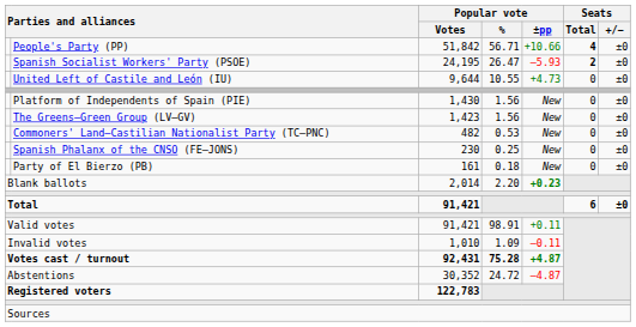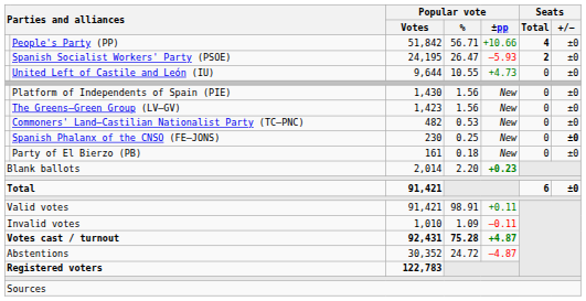 <table class="wikitable" style="text-align:right;">
 <tr>
 <th style="text-align:left;" rowspan="2" colspan="2" width="525">Parties and alliances</th>
 <th colspan="3">Popular vote</th>
 <th colspan="2">Seats</th>
 </tr>
 <tr>
 <th width="75">Votes</th>
 <th width="45">%</th>
 <th width="45">±<a href='#'>pp</a></th>
 <th width="35">Total</th>
 <th width="35">+/−</th>
 </tr>
 <tr>
 <td width="1" style="color:inherit;background:"></td>
 <td align="left"><a href='#'>People's Party</a> (PP)</td>
 <td>51,842</td>
 <td>56.71</td>
 <td style="color:green;">+10.66</td>
 <td><strong>4</strong></td>
 <td>±0</td>
 </tr>
 <tr>
 <td style="color:inherit;background:"></td>
 <td align="left"><a href='#'>Spanish Socialist Workers' Party</a> (PSOE)</td>
 <td>24,195</td>
 <td>26.47</td>
 <td style="color:red;">–5.93</td>
 <td><strong>2</strong></td>
 <td>±0</td>
 </tr>
 <tr>
 <td style="color:inherit;background:"></td>
 <td align="left"><a href='#'>United Left of Castile and León</a> (IU)</td>
 <td>9,644</td>
 <td>10.55</td>
 <td style="color:green;">+4.73</td>
 <td>0</td>
 <td>±0</td>
 </tr>
 <tr>
 <td colspan="7" bgcolor="#C0C0C0"></td>
 </tr>
 <tr>
 <td style="color:inherit;background:"></td>
 <td align="left">Platform of Independents of Spain (PIE)</td>
 <td>1,430</td>
 <td>1.56</td>
 <td><em>New</em></td>
 <td>0</td>
 <td>±0</td>
 </tr>
 <tr>
 <td style="color:inherit;background:"></td>
 <td align="left"><a href='#'>The Greens–Green Group</a> (LV–GV)</td>
 <td>1,423</td>
 <td>1.56</td>
 <td><em>New</em></td>
 <td>0</td>
 <td>±0</td>
 </tr>
 <tr>
 <td style="color:inherit;background:"></td>
 <td align="left"><a href='#'>Commoners' Land–Castilian Nationalist Party</a> (TC–PNC)</td>
 <td>482</td>
 <td>0.53</td>
 <td><em>New</em></td>
 <td>0</td>
 <td>±0</td>
 </tr>
 <tr>
 <td style="color:inherit;background:"></td>
 <td align="left"><a href='#'>Spanish Phalanx of the CNSO</a> (FE–JONS)</td>
 <td>230</td>
 <td>0.25</td>
 <td><em>New</em></td>
 <td>0</td>
-<td>±0</td>
+<td><strong>±0</strong></td>
 </tr>
 <tr>
 <td style="color:inherit;background:"></td>
 <td align="left">Party of El Bierzo (PB)</td>
 <td>161</td>
 <td>0.18</td>
 <td><em>New</em></td>
 <td>0</td>
 <td>±0</td>
 </tr>
 <tr>
 <td align="left" colspan="2">Blank ballots</td>
 <td>2,014</td>
 <td>2.20</td>
 <td style="color:green;"><strong>+0.23</strong></td>
 <td bgcolor="#E9E9E9" colspan="2"></td>
 </tr>
 <tr>
 <td colspan="7" bgcolor="#E9E9E9"></td>
 </tr>
 <tr style="font-weight:bold;">
 <td align="left" colspan="2">Total</td>
 <td>91,421</td>
 <td bgcolor="#E9E9E9" colspan="2"></td>
 <td>6</td>
 <td>±0</td>
 </tr>
 <tr>
 <td colspan="7" bgcolor="#E9E9E9"></td>
 </tr>
 <tr>
 <td align="left" colspan="2">Valid votes</td>
 <td>91,421</td>
 <td>98.91</td>
 <td style="color:green;">+0.11</td>
 <td bgcolor="#E9E9E9" colspan="2" rowspan="5"></td>
 </tr>
 <tr>
 <td align="left" colspan="2">Invalid votes</td>
 <td>1,010</td>
 <td>1.09</td>
 <td style="color:red;">–0.11</td>
 </tr>
 <tr style="font-weight:bold;">
 <td align="left" colspan="2">Votes cast / turnout</td>
 <td>92,431</td>
 <td>75.28</td>
 <td style="color:green;">+4.87</td>
 </tr>
 <tr>
 <td align="left" colspan="2">Abstentions</td>
 <td>30,352</td>
 <td>24.72</td>
 <td style="color:red;">–4.87</td>
 </tr>
 <tr style="font-weight:bold;">
 <td align="left" colspan="2">Registered voters</td>
 <td>122,783</td>
 <td bgcolor="#E9E9E9" colspan="2"></td>
 </tr>
 <tr>
 <td colspan="7" bgcolor="#E9E9E9"></td>
 </tr>
 <tr>
 <td align="left" colspan="7">Sources</td>
 </tr>
 </table>
